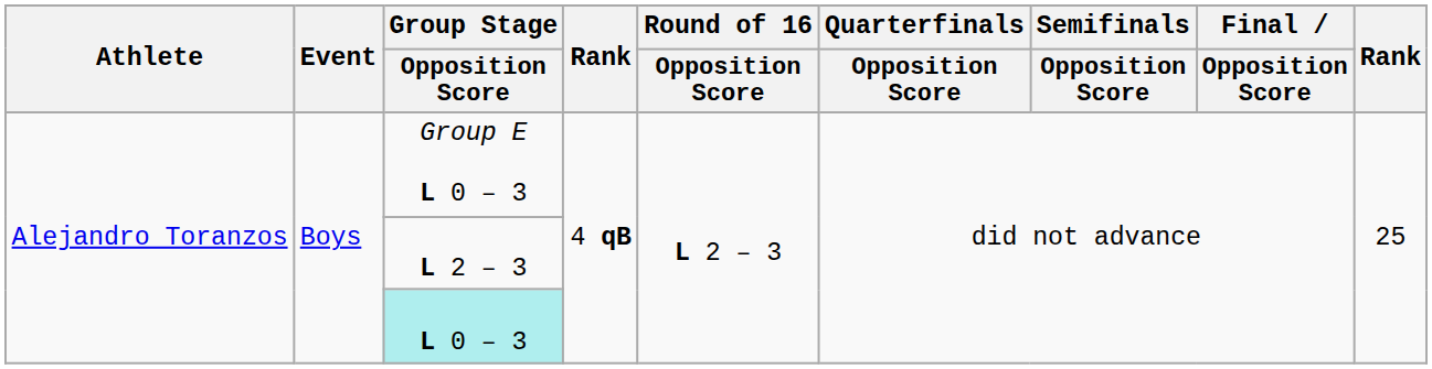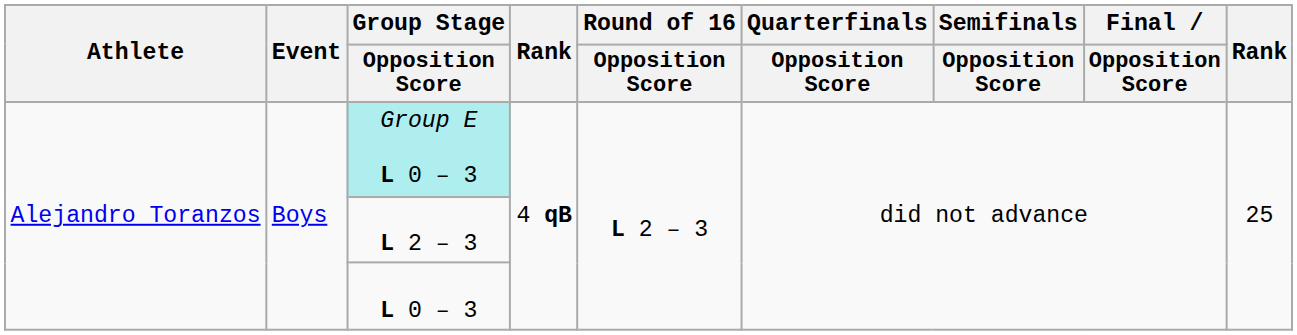 <table class=wikitable style="font-size:90%">
 <tr>
 <th rowspan="2">Athlete</th>
 <th rowspan="2">Event</th>
 <th>Group Stage</th>
 <th rowspan="2">Rank</th>
 <th>Round of 16</th>
 <th>Quarterfinals</th>
 <th>Semifinals</th>
 <th>Final / </th>
 <th rowspan=2>Rank</th>
 </tr>
 <tr style="font-size:95%">
 <th>Opposition<br>Score</th>
 <th>Opposition<br>Score</th>
 <th>Opposition<br>Score</th>
 <th>Opposition<br>Score</th>
 <th>Opposition<br>Score</th>
 </tr>
 <tr align=center>
 <td align=left rowspan=3><a href='#'>Alejandro Toranzos</a></td>
 <td align=left rowspan=3><a href='#'>Boys</a></td>
-<td><em>Group E</em><br><br><strong>L</strong> 0 – 3</td>
+<td style="background: paleturquoise;"><em>Group E</em><br><br><strong>L</strong> 0 – 3</td>
 <td rowspan=3>4 <strong>qB</strong></td>
 <td rowspan=3><br><strong>L</strong> 2 – 3</td>
 <td rowspan=3 colspan=3>did not advance</td>
 <td rowspan=3>25</td>
 </tr>
 <tr align=center>
 <td><br><strong>L</strong> 2 – 3</td>
 </tr>
 <tr align=center>
-<td style="background: paleturquoise;"><br><strong>L</strong> 0 – 3</td>
+<td><br><strong>L</strong> 0 – 3</td>
 </tr>
 </table>
